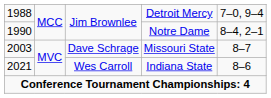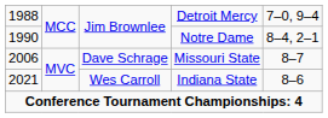 <table class="wikitable" style="text-align:center;">
 <tr>
 <td>1988</td>
 <td rowspan="2"><a href='#'>MCC</a></td>
 <td rowspan="2"><a href='#'>Jim Brownlee</a></td>
 <td><a href='#'>Detroit Mercy</a></td>
 <td>7–0, 9–4</td>
 </tr>
 <tr>
 <td>1990</td>
 <td><a href='#'>Notre Dame</a></td>
 <td>8–4, 2–1</td>
 </tr>
 <tr>
-<td>2003</td>
+<td>2006</td>
 <td rowspan="2"><a href='#'>MVC</a></td>
 <td><a href='#'>Dave Schrage</a></td>
 <td><a href='#'>Missouri State</a></td>
 <td>8–7</td>
 </tr>
 <tr>
 <td>2021</td>
 <td><a href='#'>Wes Carroll</a></td>
 <td><a href='#'>Indiana State</a></td>
 <td>8–6</td>
 </tr>
 <tr>
 <td colspan="5"><strong>Conference Tournament Championships: 4</strong></td>
 </tr>
 </table>
